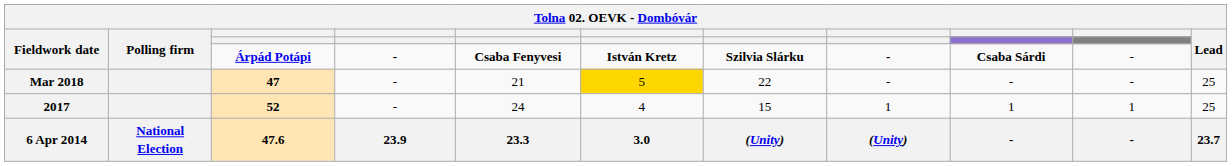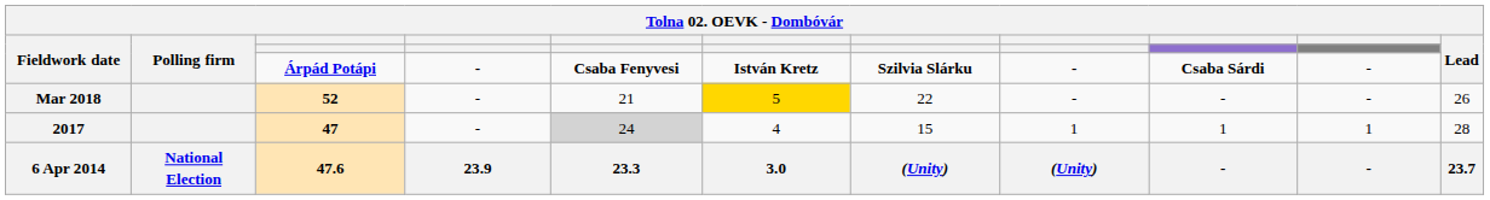 <table class="wikitable mw-collapsible mw-collapsed" style="text-align:center">
 <tr>
 <th colspan="11" style="width: 980pt;"><small><a href='#'>Tolna</a> 02. OEVK - <a href='#'>Dombóvár</a></small></th>
 </tr>
 <tr>
 <th rowspan="3" style="width: 80pt;"><small>Fieldwork</small> <small>date</small></th>
 <th rowspan="3" style="width: 80pt;"><strong><small>Polling</small> <small>firm</small></strong></th>
 <th style="width: 100pt;"><small></small></th>
 <th style="width: 100pt;"><small> </small></th>
 <th style="width: 100pt;"></th>
 <th style="width: 100pt;"></th>
 <th style="width: 100pt;"></th>
 <th style="width: 100pt;"></th>
 <th style="width: 100pt;"></th>
 <th style="width: 100pt;"></th>
 <th rowspan="3" style="width: 20pt;"><small>Lead</small></th>
 </tr>
 <tr>
 <th style="color:inherit;background:"></th>
 <th style="color:inherit;background:"></th>
 <th style="color:inherit;background:"></th>
 <th style="color:inherit;background:"></th>
 <th style="color:inherit;background:"></th>
 <th style="color:inherit;background:"></th>
 <th style="color:inherit;background:#8E6FCE;"></th>
 <th style="color:inherit;background:#808080;"></th>
 </tr>
 <tr>
 <td><a href='#'><strong><small>Árpád Potápi</small></strong></a></td>
 <td><strong><small>-</small></strong></td>
 <td><strong><small>Csaba Fenyvesi</small></strong></td>
 <td><strong><small>István Kretz</small></strong></td>
 <td><strong><small>Szilvia Slárku</small></strong></td>
 <td><strong><small>-</small></strong></td>
 <td><strong><small>Csaba Sárdi</small></strong></td>
 <td><small>-</small></td>
 </tr>
 <tr>
 <th><small>Mar 2018</small></th>
 <th><small></small></th>
-<td style="background:#FFE5B4"><strong><small>47</small></strong></td>
+<td style="background:#FFE5B4"><strong><small>52</small></strong></td>
 <td><small>-</small></td>
 <td><small>21</small></td>
 <td style="background: gold;"><small>5</small></td>
 <td><small>22</small></td>
 <td><small>-</small></td>
 <td><small>-</small></td>
 <td><small>-</small></td>
-<td style="background:"><small>25</small></td>
+<td style="background:"><small>26</small></td>
 </tr>
 <tr>
 <th><small>2017</small></th>
 <th><small></small></th>
-<td style="background:#FFE5B4"><strong><small>52</small></strong></td>
+<td style="background:#FFE5B4"><strong><small>47</small></strong></td>
 <td><small>-</small></td>
-<td><small>24</small></td>
+<td style="background: lightgrey;"><small>24</small></td>
 <td><small>4</small></td>
 <td><small>15</small></td>
 <td><small>1</small></td>
 <td><small>1</small></td>
 <td><small>1</small></td>
-<td style="background:"><small>25</small></td>
+<td style="background:"><small>28</small></td>
 </tr>
 <tr>
 <th><small>6 Apr 2014</small></th>
 <th><a href='#'><small>National Election</small></a></th>
 <th style="background:#FFE5B4"><small>47.6</small></th>
 <th><small>23.9</small></th>
 <th><small>23.3</small></th>
 <th><small>3.0</small></th>
 <th><small><em>(<a href='#'>Unity</a>)</em></small></th>
 <th><small><em>(<a href='#'>Unity</a>)</em></small></th>
 <th><small>-</small></th>
 <th><small>-</small></th>
 <th style="background:"><small>23.7</small></th>
 </tr>
 </table>
